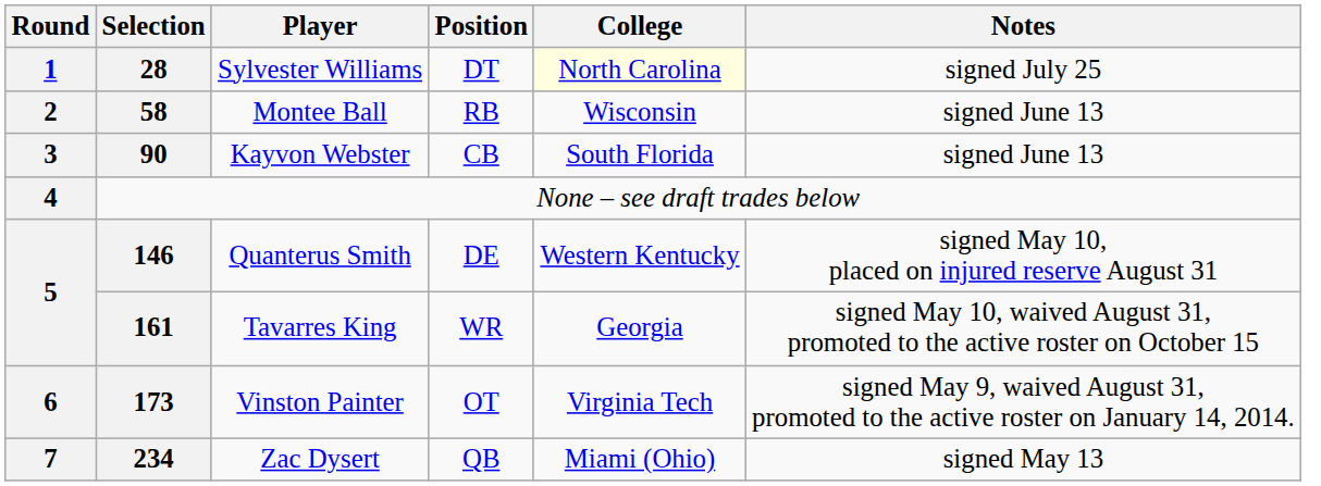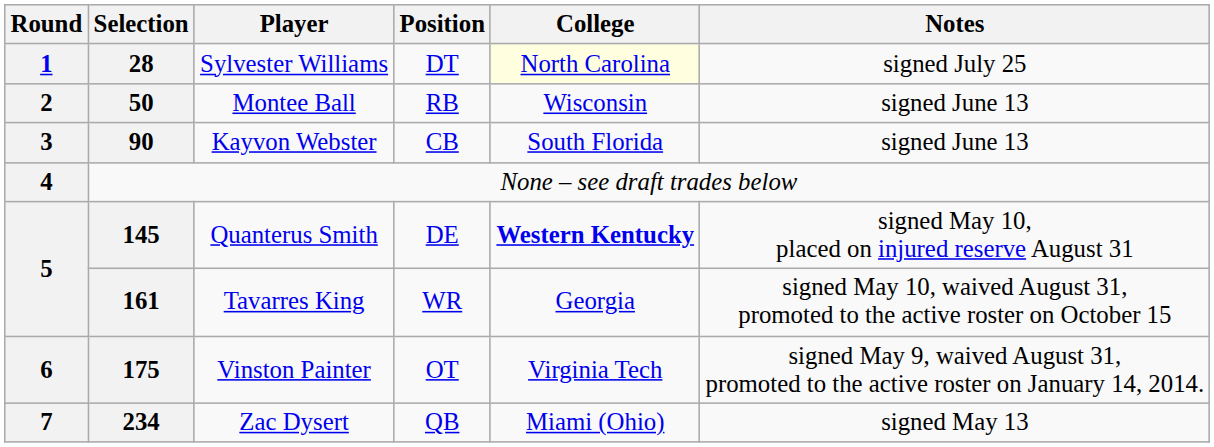 <table class="wikitable" style="text-align:center">
 <tr>
 <th>Round</th>
 <th>Selection</th>
 <th>Player</th>
 <th>Position</th>
 <th>College</th>
 <th>Notes</th>
 </tr>
 <tr>
 <th><a href='#'>1</a></th>
 <th>28</th>
 <td><a href='#'>Sylvester Williams</a></td>
 <td><a href='#'>DT</a></td>
 <td style="background: lightyellow;"><a href='#'>North Carolina</a></td>
 <td>signed July 25</td>
 </tr>
 <tr>
 <th>2</th>
-<th>58</th>
+<th>50</th>
 <td><a href='#'>Montee Ball</a></td>
 <td><a href='#'>RB</a></td>
 <td><a href='#'>Wisconsin</a></td>
 <td>signed June 13</td>
 </tr>
 <tr>
 <th>3</th>
 <th>90</th>
 <td><a href='#'>Kayvon Webster</a></td>
 <td><a href='#'>CB</a></td>
 <td><a href='#'>South Florida</a></td>
 <td>signed June 13</td>
 </tr>
 <tr>
 <th>4</th>
 <td colspan="5"><em>None – see draft trades below</em></td>
 </tr>
 <tr>
 <th rowspan="2">5</th>
-<th>146</th>
+<th>145</th>
 <td><a href='#'>Quanterus Smith</a></td>
 <td><a href='#'>DE</a></td>
-<td><a href='#'>Western Kentucky</a></td>
+<td><strong><a href='#'>Western Kentucky</a></strong></td>
 <td>signed May 10,<br>placed on <a href='#'>injured reserve</a> August 31</td>
 </tr>
 <tr>
 <th>161</th>
 <td><a href='#'>Tavarres King</a></td>
 <td><a href='#'>WR</a></td>
 <td><a href='#'>Georgia</a></td>
 <td>signed May 10, waived August 31,<br>promoted to the active roster on October 15</td>
 </tr>
 <tr>
 <th>6</th>
-<th>173</th>
+<th>175</th>
 <td><a href='#'>Vinston Painter</a></td>
 <td><a href='#'>OT</a></td>
 <td><a href='#'>Virginia Tech</a></td>
 <td>signed May 9, waived August 31,<br>promoted to the active roster on January 14, 2014.</td>
 </tr>
 <tr>
 <th>7</th>
 <th>234</th>
 <td><a href='#'>Zac Dysert</a></td>
 <td><a href='#'>QB</a></td>
 <td><a href='#'>Miami (Ohio)</a></td>
 <td>signed May 13</td>
 </tr>
 </table>
